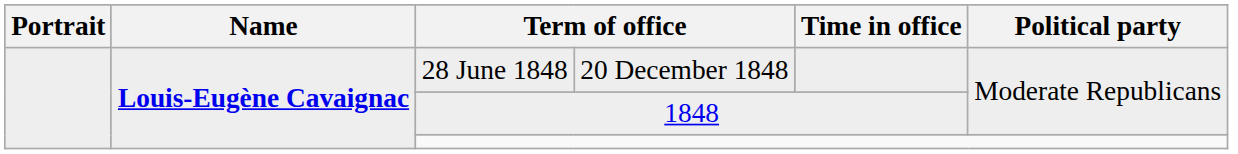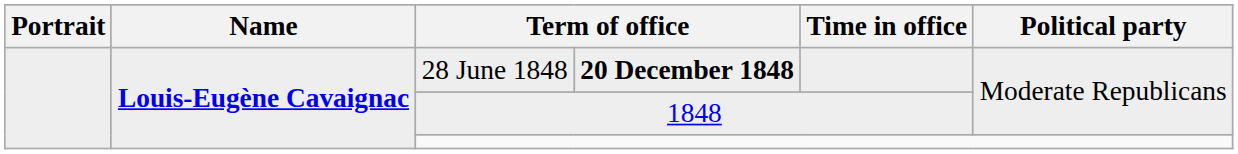 <table class="wikitable">
 <tr>
 <th>Portrait</th>
 <th>Name<br></th>
 <th colspan=2>Term of office</th>
 <th>Time in office</th>
 <th>Political party</th>
 </tr>
 <tr bgcolor=#EEEEEE>
 <td rowspan=3></td>
 <td rowspan=3 align=center><strong><a href='#'>Louis-Eugène Cavaignac</a></strong><br></td>
 <td>28 June 1848</td>
-<td>20 December 1848</td>
+<td><strong>20 December 1848</strong></td>
 <td></td>
 <td rowspan=2>Moderate Republicans</td>
 </tr>
 <tr bgcolor=#EEEEEE>
 <td colspan=3 align=center><a href='#'>1848</a></td>
 </tr>
 <tr>
 <td colspan=4></td>
 </tr>
 </table>
